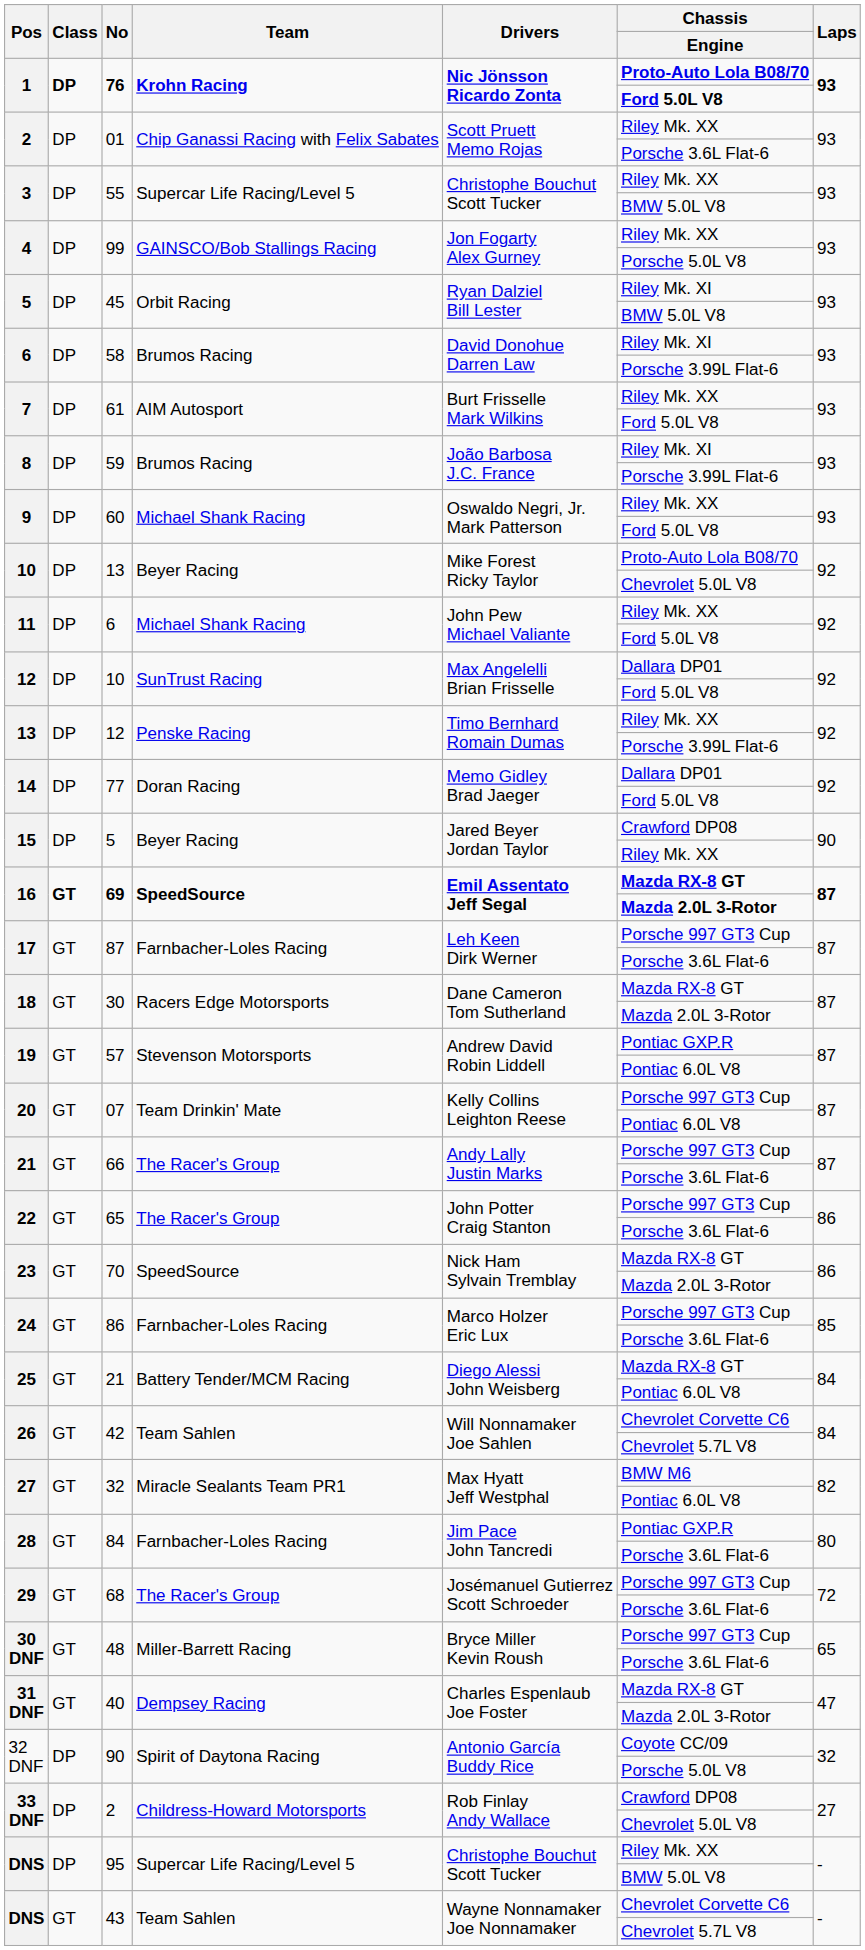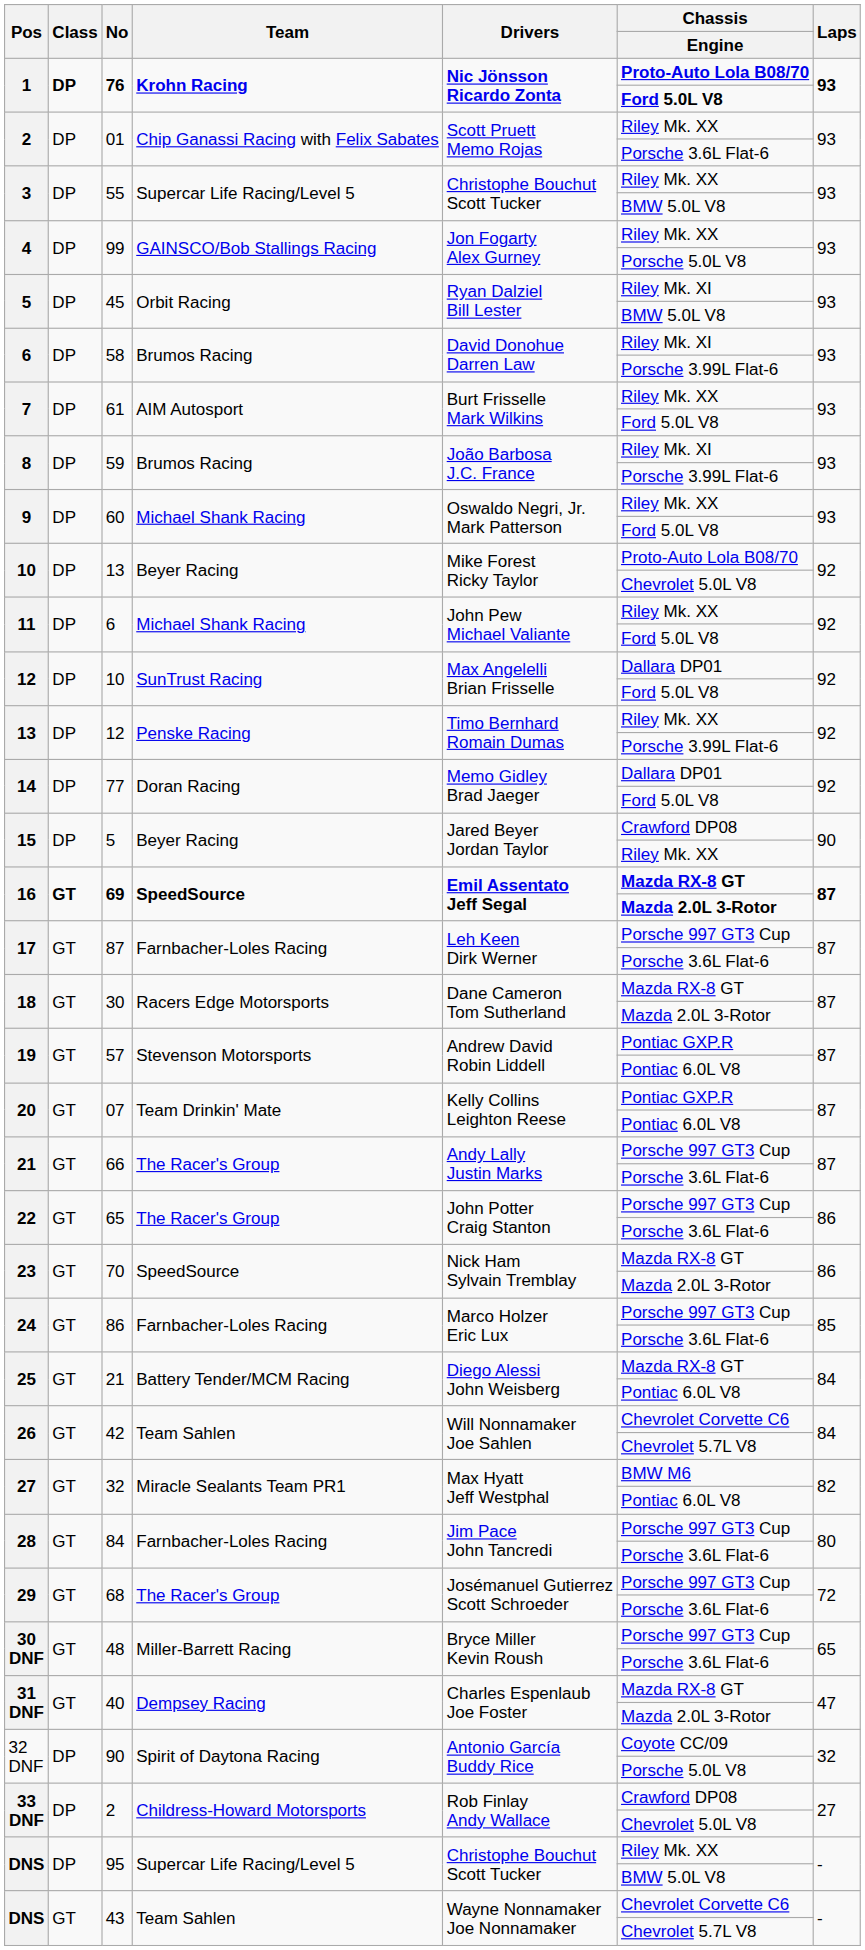 <table class="wikitable" style="font-size: 95%;">
 <tr>
 <th rowspan=2>Pos</th>
 <th rowspan=2>Class</th>
 <th rowspan=2>No</th>
 <th rowspan=2>Team</th>
 <th rowspan=2>Drivers</th>
 <th>Chassis</th>
 <th rowspan=2>Laps</th>
 </tr>
 <tr>
 <th>Engine</th>
 </tr>
 <tr style="font-weight:bold">
 <th rowspan=2>1</th>
 <td rowspan=2>DP</td>
 <td rowspan=2>76</td>
 <td rowspan=2><a href='#'>Krohn Racing</a></td>
 <td rowspan=2> <a href='#'>Nic Jönsson</a><br> <a href='#'>Ricardo Zonta</a></td>
 <td><a href='#'>Proto-Auto Lola B08/70</a></td>
 <td rowspan=2>93</td>
 </tr>
 <tr style="font-weight:bold">
 <td><a href='#'>Ford</a> 5.0L V8</td>
 </tr>
 <tr>
 <th rowspan=2>2</th>
 <td rowspan=2>DP</td>
 <td rowspan=2>01</td>
 <td rowspan=2><a href='#'>Chip Ganassi Racing</a> with <a href='#'>Felix Sabates</a></td>
 <td rowspan=2> <a href='#'>Scott Pruett</a><br> <a href='#'>Memo Rojas</a></td>
 <td><a href='#'>Riley</a> Mk. XX</td>
 <td rowspan=2>93</td>
 </tr>
 <tr>
 <td><a href='#'>Porsche</a> 3.6L Flat-6</td>
 </tr>
 <tr>
 <th rowspan=2>3</th>
 <td rowspan=2>DP</td>
 <td rowspan=2>55</td>
 <td rowspan=2>Supercar Life Racing/Level 5</td>
 <td rowspan=2> <a href='#'>Christophe Bouchut</a><br> Scott Tucker</td>
 <td><a href='#'>Riley</a> Mk. XX</td>
 <td rowspan=2>93</td>
 </tr>
 <tr>
 <td><a href='#'>BMW</a> 5.0L V8</td>
 </tr>
 <tr>
 <th rowspan=2>4</th>
 <td rowspan=2>DP</td>
 <td rowspan=2>99</td>
 <td rowspan=2><a href='#'>GAINSCO/Bob Stallings Racing</a></td>
 <td rowspan=2> <a href='#'>Jon Fogarty</a><br> <a href='#'>Alex Gurney</a></td>
 <td><a href='#'>Riley</a> Mk. XX</td>
 <td rowspan=2>93</td>
 </tr>
 <tr>
 <td><a href='#'>Porsche</a> 5.0L V8</td>
 </tr>
 <tr>
 <th rowspan=2>5</th>
 <td rowspan=2>DP</td>
 <td rowspan=2>45</td>
 <td rowspan=2>Orbit Racing</td>
 <td rowspan=2> <a href='#'>Ryan Dalziel</a><br> <a href='#'>Bill Lester</a></td>
 <td><a href='#'>Riley</a> Mk. XI</td>
 <td rowspan=2>93</td>
 </tr>
 <tr>
 <td><a href='#'>BMW</a> 5.0L V8</td>
 </tr>
 <tr>
 <th rowspan=2>6</th>
 <td rowspan=2>DP</td>
 <td rowspan=2>58</td>
 <td rowspan=2>Brumos Racing</td>
 <td rowspan=2> <a href='#'>David Donohue</a><br> <a href='#'>Darren Law</a></td>
 <td><a href='#'>Riley</a> Mk. XI</td>
 <td rowspan=2>93</td>
 </tr>
 <tr>
 <td><a href='#'>Porsche</a> 3.99L Flat-6</td>
 </tr>
 <tr>
 <th rowspan=2>7</th>
 <td rowspan=2>DP</td>
 <td rowspan=2>61</td>
 <td rowspan=2>AIM Autosport</td>
 <td rowspan=2> Burt Frisselle<br> <a href='#'>Mark Wilkins</a></td>
 <td><a href='#'>Riley</a> Mk. XX</td>
 <td rowspan=2>93</td>
 </tr>
 <tr>
 <td><a href='#'>Ford</a> 5.0L V8</td>
 </tr>
 <tr>
 <th rowspan=2>8</th>
 <td rowspan=2>DP</td>
 <td rowspan=2>59</td>
 <td rowspan=2>Brumos Racing</td>
 <td rowspan=2> <a href='#'>João Barbosa</a><br> <a href='#'>J.C. France</a></td>
 <td><a href='#'>Riley</a> Mk. XI</td>
 <td rowspan=2>93</td>
 </tr>
 <tr>
 <td><a href='#'>Porsche</a> 3.99L Flat-6</td>
 </tr>
 <tr>
 <th rowspan=2>9</th>
 <td rowspan=2>DP</td>
 <td rowspan=2>60</td>
 <td rowspan=2><a href='#'>Michael Shank Racing</a></td>
 <td rowspan=2> Oswaldo Negri, Jr.<br> Mark Patterson</td>
 <td><a href='#'>Riley</a> Mk. XX</td>
 <td rowspan=2>93</td>
 </tr>
 <tr>
 <td><a href='#'>Ford</a> 5.0L V8</td>
 </tr>
 <tr>
 <th rowspan=2>10</th>
 <td rowspan=2>DP</td>
 <td rowspan=2>13</td>
 <td rowspan=2>Beyer Racing</td>
 <td rowspan=2> Mike Forest<br> Ricky Taylor</td>
 <td><a href='#'>Proto-Auto Lola B08/70</a></td>
 <td rowspan=2>92</td>
 </tr>
 <tr>
 <td><a href='#'>Chevrolet</a> 5.0L V8</td>
 </tr>
 <tr>
 <th rowspan=2>11</th>
 <td rowspan=2>DP</td>
 <td rowspan=2>6</td>
 <td rowspan=2><a href='#'>Michael Shank Racing</a></td>
 <td rowspan=2> John Pew<br> <a href='#'>Michael Valiante</a></td>
 <td><a href='#'>Riley</a> Mk. XX</td>
 <td rowspan=2>92</td>
 </tr>
 <tr>
 <td><a href='#'>Ford</a> 5.0L V8</td>
 </tr>
 <tr>
 <th rowspan=2>12</th>
 <td rowspan=2>DP</td>
 <td rowspan=2>10</td>
 <td rowspan=2><a href='#'>SunTrust Racing</a></td>
 <td rowspan=2> <a href='#'>Max Angelelli</a><br> Brian Frisselle</td>
 <td><a href='#'>Dallara</a> DP01</td>
 <td rowspan=2>92</td>
 </tr>
 <tr>
 <td><a href='#'>Ford</a> 5.0L V8</td>
 </tr>
 <tr>
 <th rowspan=2>13</th>
 <td rowspan=2>DP</td>
 <td rowspan=2>12</td>
 <td rowspan=2><a href='#'>Penske Racing</a></td>
 <td rowspan=2> <a href='#'>Timo Bernhard</a><br> <a href='#'>Romain Dumas</a></td>
 <td><a href='#'>Riley</a> Mk. XX</td>
 <td rowspan=2>92</td>
 </tr>
 <tr>
 <td><a href='#'>Porsche</a> 3.99L Flat-6</td>
 </tr>
 <tr>
 <th rowspan=2>14</th>
 <td rowspan=2>DP</td>
 <td rowspan=2>77</td>
 <td rowspan=2>Doran Racing</td>
 <td rowspan=2> <a href='#'>Memo Gidley</a><br> Brad Jaeger</td>
 <td><a href='#'>Dallara</a> DP01</td>
 <td rowspan=2>92</td>
 </tr>
 <tr>
 <td><a href='#'>Ford</a> 5.0L V8</td>
 </tr>
 <tr>
 <th rowspan=2>15</th>
 <td rowspan=2>DP</td>
 <td rowspan=2>5</td>
 <td rowspan=2>Beyer Racing</td>
 <td rowspan=2> Jared Beyer<br> Jordan Taylor</td>
 <td><a href='#'>Crawford</a> DP08</td>
 <td rowspan=2>90</td>
 </tr>
 <tr>
 <td><a href='#'>Riley</a> Mk. XX</td>
 </tr>
 <tr style="font-weight:bold">
 <th rowspan=2>16</th>
 <td rowspan=2>GT</td>
 <td rowspan=2>69</td>
 <td rowspan=2>SpeedSource</td>
 <td rowspan=2> <a href='#'>Emil Assentato</a><br> Jeff Segal</td>
 <td><a href='#'>Mazda RX-8</a> GT</td>
 <td rowspan=2>87</td>
 </tr>
 <tr style="font-weight:bold">
 <td><a href='#'>Mazda</a> 2.0L 3-Rotor</td>
 </tr>
 <tr>
 <th rowspan=2>17</th>
 <td rowspan=2>GT</td>
 <td rowspan=2>87</td>
 <td rowspan=2>Farnbacher-Loles Racing</td>
 <td rowspan=2> <a href='#'>Leh Keen</a><br> Dirk Werner</td>
 <td><a href='#'>Porsche 997 GT3</a> Cup</td>
 <td rowspan=2>87</td>
 </tr>
 <tr>
 <td><a href='#'>Porsche</a> 3.6L Flat-6</td>
 </tr>
 <tr>
 <th rowspan=2>18</th>
 <td rowspan=2>GT</td>
 <td rowspan=2>30</td>
 <td rowspan=2>Racers Edge Motorsports</td>
 <td rowspan=2> Dane Cameron<br> Tom Sutherland</td>
 <td><a href='#'>Mazda RX-8</a> GT</td>
 <td rowspan=2>87</td>
 </tr>
 <tr>
 <td><a href='#'>Mazda</a> 2.0L 3-Rotor</td>
 </tr>
 <tr>
 <th rowspan=2>19</th>
 <td rowspan=2>GT</td>
 <td rowspan=2>57</td>
 <td rowspan=2>Stevenson Motorsports</td>
 <td rowspan=2> Andrew David<br> Robin Liddell</td>
 <td><a href='#'>Pontiac GXP.R</a></td>
 <td rowspan=2>87</td>
 </tr>
 <tr>
 <td><a href='#'>Pontiac</a> 6.0L V8</td>
 </tr>
 <tr>
 <th rowspan=2>20</th>
 <td rowspan=2>GT</td>
 <td rowspan=2>07</td>
 <td rowspan=2>Team Drinkin' Mate</td>
 <td rowspan=2> Kelly Collins<br> Leighton Reese</td>
-<td><a href='#'>Porsche 997 GT3</a> Cup</td>
+<td><a href='#'>Pontiac GXP.R</a></td>
 <td rowspan=2>87</td>
 </tr>
 <tr>
 <td><a href='#'>Pontiac</a> 6.0L V8</td>
 </tr>
 <tr>
 <th rowspan=2>21</th>
 <td rowspan=2>GT</td>
 <td rowspan=2>66</td>
 <td rowspan=2><a href='#'>The Racer's Group</a></td>
 <td rowspan=2> <a href='#'>Andy Lally</a><br> <a href='#'>Justin Marks</a></td>
 <td><a href='#'>Porsche 997 GT3</a> Cup</td>
 <td rowspan=2>87</td>
 </tr>
 <tr>
 <td><a href='#'>Porsche</a> 3.6L Flat-6</td>
 </tr>
 <tr>
 <th rowspan=2>22</th>
 <td rowspan=2>GT</td>
 <td rowspan=2>65</td>
 <td rowspan=2><a href='#'>The Racer's Group</a></td>
 <td rowspan=2> John Potter<br> Craig Stanton</td>
 <td><a href='#'>Porsche 997 GT3</a> Cup</td>
 <td rowspan=2>86</td>
 </tr>
 <tr>
 <td><a href='#'>Porsche</a> 3.6L Flat-6</td>
 </tr>
 <tr>
 <th rowspan=2>23</th>
 <td rowspan=2>GT</td>
 <td rowspan=2>70</td>
 <td rowspan=2>SpeedSource</td>
 <td rowspan=2> Nick Ham<br> Sylvain Tremblay</td>
 <td><a href='#'>Mazda RX-8</a> GT</td>
 <td rowspan=2>86</td>
 </tr>
 <tr>
 <td><a href='#'>Mazda</a> 2.0L 3-Rotor</td>
 </tr>
 <tr>
 <th rowspan=2>24</th>
 <td rowspan=2>GT</td>
 <td rowspan=2>86</td>
 <td rowspan=2>Farnbacher-Loles Racing</td>
 <td rowspan=2> Marco Holzer<br> Eric Lux</td>
 <td><a href='#'>Porsche 997 GT3</a> Cup</td>
 <td rowspan=2>85</td>
 </tr>
 <tr>
 <td><a href='#'>Porsche</a> 3.6L Flat-6</td>
 </tr>
 <tr>
 <th rowspan=2>25</th>
 <td rowspan=2>GT</td>
 <td rowspan=2>21</td>
 <td rowspan=2>Battery Tender/MCM Racing</td>
 <td rowspan=2> <a href='#'>Diego Alessi</a><br> John Weisberg</td>
 <td><a href='#'>Mazda RX-8</a> GT</td>
 <td rowspan=2>84</td>
 </tr>
 <tr>
 <td><a href='#'>Pontiac</a> 6.0L V8</td>
 </tr>
 <tr>
 <th rowspan=2>26</th>
 <td rowspan=2>GT</td>
 <td rowspan=2>42</td>
 <td rowspan=2>Team Sahlen</td>
 <td rowspan=2> Will Nonnamaker<br> Joe Sahlen</td>
 <td><a href='#'>Chevrolet Corvette C6</a></td>
 <td rowspan=2>84</td>
 </tr>
 <tr>
 <td><a href='#'>Chevrolet</a> 5.7L V8</td>
 </tr>
 <tr>
 <th rowspan=2>27</th>
 <td rowspan=2>GT</td>
 <td rowspan=2>32</td>
 <td rowspan=2>Miracle Sealants Team PR1</td>
 <td rowspan=2> Max Hyatt<br> Jeff Westphal</td>
 <td><a href='#'>BMW M6</a></td>
 <td rowspan=2>82</td>
 </tr>
 <tr>
 <td><a href='#'>Pontiac</a> 6.0L V8</td>
 </tr>
 <tr>
 <th rowspan=2>28</th>
 <td rowspan=2>GT</td>
 <td rowspan=2>84</td>
 <td rowspan=2>Farnbacher-Loles Racing</td>
 <td rowspan=2> <a href='#'>Jim Pace</a><br> John Tancredi</td>
-<td><a href='#'>Pontiac GXP.R</a></td>
+<td><a href='#'>Porsche 997 GT3</a> Cup</td>
 <td rowspan=2>80</td>
 </tr>
 <tr>
 <td><a href='#'>Porsche</a> 3.6L Flat-6</td>
 </tr>
 <tr>
 <th rowspan=2>29</th>
 <td rowspan=2>GT</td>
 <td rowspan=2>68</td>
 <td rowspan=2><a href='#'>The Racer's Group</a></td>
 <td rowspan=2> Josémanuel Gutierrez<br> Scott Schroeder</td>
 <td><a href='#'>Porsche 997 GT3</a> Cup</td>
 <td rowspan=2>72</td>
 </tr>
 <tr>
 <td><a href='#'>Porsche</a> 3.6L Flat-6</td>
 </tr>
 <tr>
 <th rowspan=2>30<br>DNF</th>
 <td rowspan=2>GT</td>
 <td rowspan=2>48</td>
 <td rowspan=2>Miller-Barrett Racing</td>
 <td rowspan=2> Bryce Miller<br> Kevin Roush</td>
 <td><a href='#'>Porsche 997 GT3</a> Cup</td>
 <td rowspan=2>65</td>
 </tr>
 <tr>
 <td><a href='#'>Porsche</a> 3.6L Flat-6</td>
 </tr>
 <tr>
 <th rowspan=2>31<br>DNF</th>
 <td rowspan=2>GT</td>
 <td rowspan=2>40</td>
 <td rowspan=2><a href='#'>Dempsey Racing</a></td>
 <td rowspan=2> Charles Espenlaub<br> Joe Foster</td>
 <td><a href='#'>Mazda RX-8</a> GT</td>
 <td rowspan=2>47</td>
 </tr>
 <tr>
 <td><a href='#'>Mazda</a> 2.0L 3-Rotor</td>
 </tr>
 <tr>
 <td rowspan=2>32<br>DNF</td>
 <td rowspan=2>DP</td>
 <td rowspan=2>90</td>
 <td rowspan=2>Spirit of Daytona Racing</td>
 <td rowspan=2> <a href='#'>Antonio García</a><br> <a href='#'>Buddy Rice</a></td>
 <td><a href='#'>Coyote</a> CC/09</td>
 <td rowspan=2>32</td>
 </tr>
 <tr>
 <td><a href='#'>Porsche</a> 5.0L V8</td>
 </tr>
 <tr>
 <th rowspan=2>33<br>DNF</th>
 <td rowspan=2>DP</td>
 <td rowspan=2>2</td>
 <td rowspan=2><a href='#'>Childress-Howard Motorsports</a></td>
 <td rowspan=2> Rob Finlay<br> <a href='#'>Andy Wallace</a></td>
 <td><a href='#'>Crawford</a> DP08</td>
 <td rowspan=2>27</td>
 </tr>
 <tr>
 <td><a href='#'>Chevrolet</a> 5.0L V8</td>
 </tr>
 <tr>
 <th rowspan=2>DNS</th>
 <td rowspan=2>DP</td>
 <td rowspan=2>95</td>
 <td rowspan=2>Supercar Life Racing/Level 5</td>
 <td rowspan=2> <a href='#'>Christophe Bouchut</a><br> Scott Tucker</td>
 <td><a href='#'>Riley</a> Mk. XX</td>
 <td rowspan=2>-</td>
 </tr>
 <tr>
 <td><a href='#'>BMW</a> 5.0L V8</td>
 </tr>
 <tr>
 <th rowspan=2>DNS</th>
 <td rowspan=2>GT</td>
 <td rowspan=2>43</td>
 <td rowspan=2>Team Sahlen</td>
 <td rowspan=2> Wayne Nonnamaker<br> Joe Nonnamaker</td>
 <td><a href='#'>Chevrolet Corvette C6</a></td>
 <td rowspan=2>-</td>
 </tr>
 <tr>
 <td><a href='#'>Chevrolet</a> 5.7L V8</td>
 </tr>
 </table>
